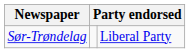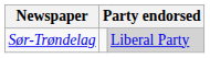 <table class="wikitable">
 <tr>
 <th>Newspaper</th>
 <th colspan=2>Party endorsed</th>
 </tr>
 <tr>
 <td><a href='#'><em>Sør-Trøndelag</em></a></td>
 <td bgcolor=></td>
-<td><a href='#'>Liberal Party</a></td>
+<td style="background: lightgrey;"><a href='#'>Liberal Party</a></td>
 </tr>
 </table>
